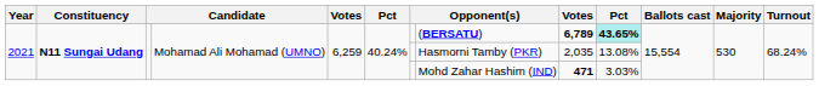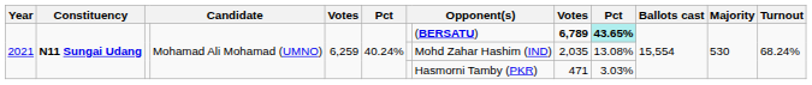 <table class="wikitable" style="margin:0.5em ; font-size:95%">
 <tr>
 <th>Year</th>
 <th>Constituency</th>
 <th colspan=2>Candidate</th>
 <th>Votes</th>
 <th>Pct</th>
 <th colspan=2>Opponent(s)</th>
 <th>Votes</th>
 <th>Pct</th>
 <th>Ballots cast</th>
 <th>Majority</th>
 <th>Turnout</th>
 </tr>
 <tr>
 <td rowspan=3><a href='#'>2021</a></td>
 <td rowspan=3><strong>N11 <a href='#'>Sungai Udang</a></strong></td>
 <td rowspan=3 ></td>
 <td rowspan=3>Mohamad Ali Mohamad (<a href='#'>UMNO</a>)</td>
 <td rowspan=3 align="right">6,259</td>
 <td rowspan=3>40.24%</td>
 <td></td>
 <td> (<a href='#'><strong>BERSATU</strong></a>)</td>
 <td align="right"><strong>6,789</strong></td>
 <td style="background: paleturquoise;"><strong>43.65%</strong></td>
 <td rowspan=3>15,554</td>
 <td rowspan=3>530</td>
 <td rowspan=3>68.24%</td>
 </tr>
 <tr>
 <td></td>
-<td>Hasmorni Tamby (<a href='#'>PKR</a>)</td>
+<td>Mohd Zahar Hashim (<a href='#'>IND</a>)</td>
 <td align="right">2,035</td>
 <td>13.08%</td>
 </tr>
 <tr>
 <td></td>
-<td>Mohd Zahar Hashim (<a href='#'>IND</a>)</td>
-<td align="right"><strong>471</strong></td>
+<td>Hasmorni Tamby (<a href='#'>PKR</a>)</td>
+<td align="right">471</td>
 <td align="right">3.03%</td>
 </tr>
 </table>
